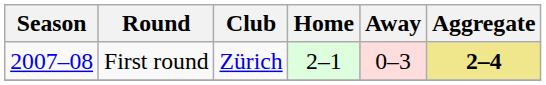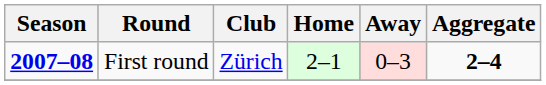 <table class="wikitable">
 <tr>
 <th>Season</th>
 <th>Round</th>
 <th>Club</th>
 <th>Home</th>
 <th>Away</th>
 <th>Aggregate</th>
 </tr>
 <tr>
-<td><a href='#'>2007–08</a></td>
+<td><strong><a href='#'>2007–08</a></strong></td>
 <td>First round</td>
 <td> <a href='#'>Zürich</a></td>
 <td style="text-align:center; background:#dfd;">2–1</td>
 <td style="text-align:center; background:#fdd;">0–3</td>
-<td style="background: khaki; text-align:center;"><strong>2–4</strong></td>
+<td style="text-align:center;"><strong>2–4</strong></td>
 </tr>
 <tr>
 </tr>
 </table>
